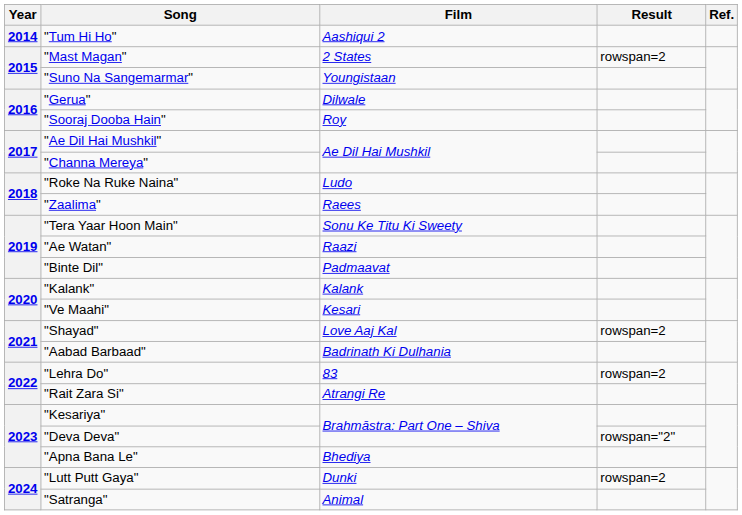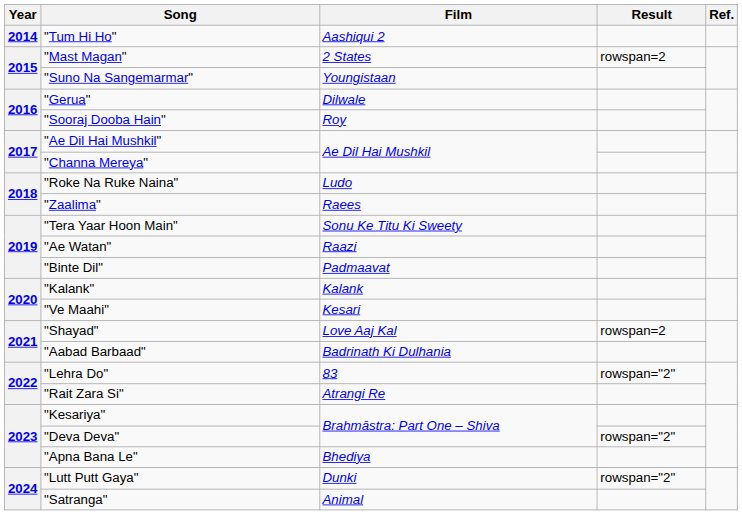 <table class="wikitable plainrowheaders" width="100%" "textcolor:#000;">
 <tr>
 <th scope="col" width=5%><strong>Year</strong></th>
 <th scope="col" width=39%><strong>Song</strong></th>
 <th scope="col" width=39%><strong>Film</strong></th>
 <th scope="col" width=15%><strong>Result</strong></th>
 <th scope="col" width=2%><strong>Ref.</strong></th>
 </tr>
 <tr>
 <th scope="row"><a href='#'>2014</a></th>
 <td>"<a href='#'>Tum Hi Ho</a>"</td>
 <td><em><a href='#'>Aashiqui 2</a></em></td>
 <td></td>
 <td></td>
 </tr>
 <tr>
 <th scope="row" rowspan="2"><a href='#'>2015</a></th>
 <td>"<a href='#'>Mast Magan</a>"</td>
 <td><em><a href='#'>2 States</a></em></td>
 <td>rowspan=2 </td>
 <td rowspan="2"></td>
 </tr>
 <tr>
 <td>"<a href='#'>Suno Na Sangemarmar</a>"</td>
 <td><em><a href='#'>Youngistaan</a></em></td>
 </tr>
 <tr>
 <th scope="row" rowspan="2"><a href='#'>2016</a></th>
 <td>"<a href='#'>Gerua</a>"</td>
 <td><em><a href='#'>Dilwale</a></em></td>
 <td></td>
 <td rowspan="2"></td>
 </tr>
 <tr>
 <td>"<a href='#'>Sooraj Dooba Hain</a>"</td>
 <td><em><a href='#'>Roy</a></em></td>
 <td></td>
 </tr>
 <tr>
 <th scope="row" rowspan="2"><a href='#'>2017</a></th>
 <td>"<a href='#'>Ae Dil Hai Mushkil</a>"</td>
 <td rowspan="2"><em><a href='#'>Ae Dil Hai Mushkil</a></em></td>
 <td></td>
 <td rowspan="2"></td>
 </tr>
 <tr>
 <td>"<a href='#'>Channa Mereya</a>"</td>
 <td></td>
 </tr>
 <tr>
 <th scope="row" rowspan="2"><a href='#'>2018</a></th>
 <td>"Roke Na Ruke Naina"</td>
 <td><em><a href='#'>Ludo</a></em></td>
 <td></td>
 <td rowspan="2"></td>
 </tr>
 <tr>
 <td>"<a href='#'>Zaalima</a>"</td>
 <td><em><a href='#'>Raees</a></em></td>
 <td></td>
 </tr>
 <tr>
 <th scope="row" rowspan="3"><a href='#'>2019</a></th>
 <td>"Tera Yaar Hoon Main"</td>
 <td><em><a href='#'>Sonu Ke Titu Ki Sweety</a></em></td>
 <td></td>
 <td rowspan="3"></td>
 </tr>
 <tr>
 <td>"Ae Watan"</td>
 <td><em><a href='#'>Raazi</a></em></td>
 <td></td>
 </tr>
 <tr>
 <td>"Binte Dil"</td>
 <td><em><a href='#'>Padmaavat</a></em></td>
 <td></td>
 </tr>
 <tr>
 <th scope="row" rowspan="2"><a href='#'>2020</a></th>
 <td>"Kalank"</td>
 <td><em><a href='#'>Kalank</a></em></td>
 <td></td>
 <td rowspan="2"></td>
 </tr>
 <tr>
 <td>"Ve Maahi"</td>
 <td><em><a href='#'>Kesari</a></em></td>
 <td></td>
 </tr>
 <tr>
 <th scope="row" rowspan="2"><a href='#'>2021</a></th>
 <td>"Shayad"</td>
 <td><em><a href='#'>Love Aaj Kal</a></em></td>
 <td>rowspan=2 </td>
 <td rowspan="2"></td>
 </tr>
 <tr>
 <td>"Aabad Barbaad"</td>
 <td><em><a href='#'>Badrinath Ki Dulhania</a></em></td>
 </tr>
 <tr>
 <th scope="row" rowspan="2"><a href='#'>2022</a></th>
 <td>"Lehra Do"</td>
 <td><em><a href='#'>83</a></em></td>
-<td>rowspan=2 </td>
+<td>rowspan="2" </td>
 <td rowspan="2"></td>
 </tr>
 <tr>
 <td>"Rait Zara Si"</td>
 <td><em><a href='#'>Atrangi Re</a></em></td>
 </tr>
 <tr>
 <th scope="row" rowspan="3"><a href='#'> 2023</a></th>
 <td>"Kesariya"</td>
 <td rowspan="2"><em><a href='#'>Brahmāstra: Part One – Shiva</a></em></td>
 <td></td>
 <td rowspan="3"></td>
 </tr>
 <tr>
 <td>"Deva Deva"</td>
 <td>rowspan="2" </td>
 </tr>
 <tr>
 <td>"Apna Bana Le"</td>
 <td><em><a href='#'>Bhediya</a></em></td>
 </tr>
 <tr>
 <th scope="row" rowspan="2"><a href='#'> 2024</a></th>
 <td>"Lutt Putt Gaya"</td>
 <td><em><a href='#'>Dunki</a></em></td>
-<td>rowspan=2 </td>
+<td>rowspan="2" </td>
 <td rowspan="2"></td>
 </tr>
 <tr>
 <td>"Satranga"</td>
 <td><em><a href='#'>Animal</a></em></td>
 </tr>
 </table>
